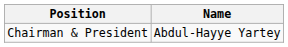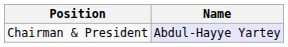 <table class="wikitable">
 <tr>
 <th>Position</th>
 <th>Name</th>
 </tr>
 <tr>
 <td>Chairman & President</td>
-<td>Abdul-Hayye Yartey</td>
+<td style="background: lavender;">Abdul-Hayye Yartey</td>
 </tr>
 </table>
